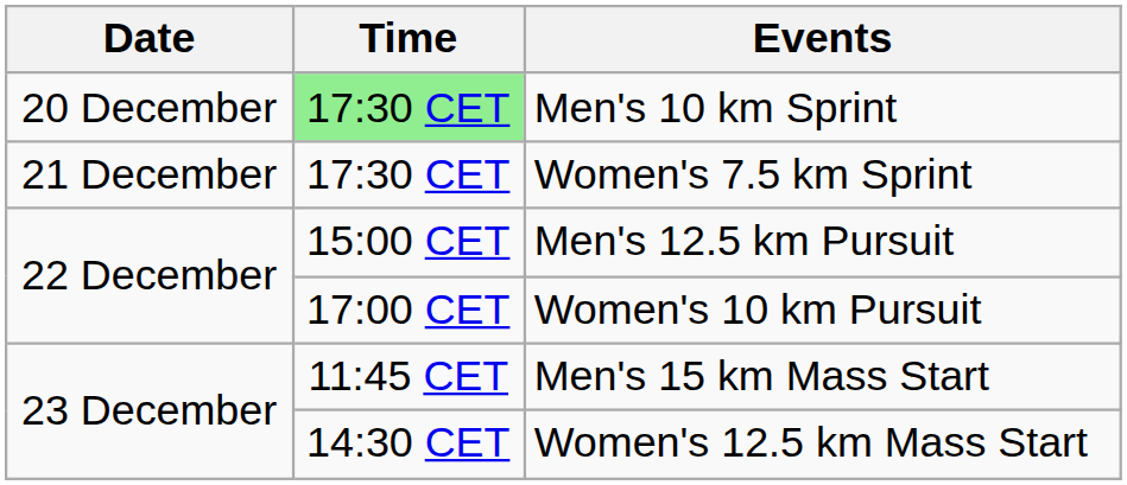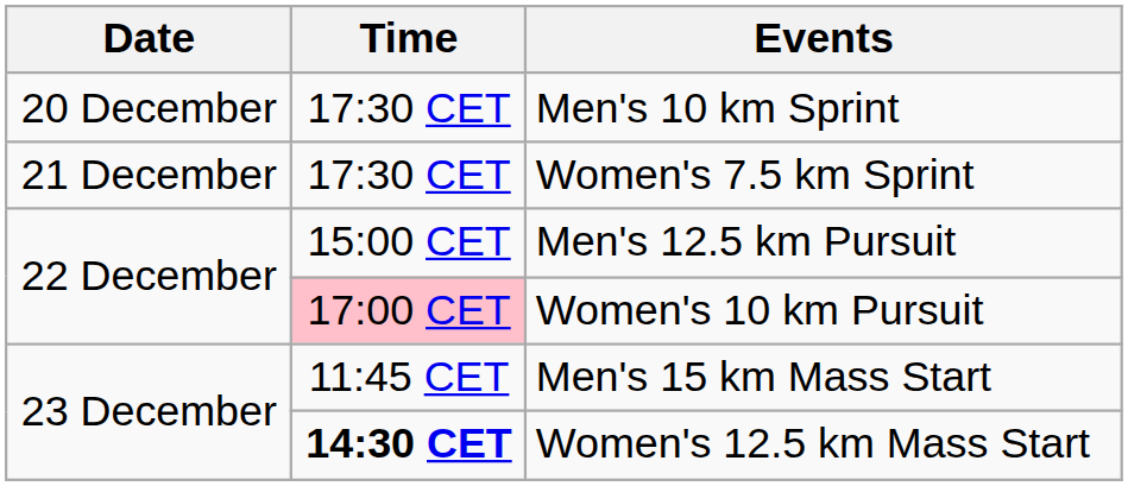 <table class="wikitable" style="text-align: center" width="420">
 <tr>
 <th>Date</th>
 <th>Time</th>
 <th>Events</th>
 </tr>
 <tr>
 <td>20 December</td>
-<td style="background: lightgreen;">17:30 <a href='#'>CET</a></td>
+<td>17:30 <a href='#'>CET</a></td>
 <td style="text-align: left">Men's 10 km Sprint</td>
 </tr>
 <tr>
 <td>21 December</td>
 <td>17:30 <a href='#'>CET</a></td>
 <td style="text-align: left">Women's 7.5 km Sprint</td>
 </tr>
 <tr>
 <td rowspan=2>22 December</td>
 <td>15:00 <a href='#'>CET</a></td>
 <td style="text-align: left">Men's 12.5 km Pursuit</td>
 </tr>
 <tr>
-<td>17:00 <a href='#'>CET</a></td>
+<td style="background: pink;">17:00 <a href='#'>CET</a></td>
 <td style="text-align: left">Women's 10 km Pursuit</td>
 </tr>
 <tr>
 <td rowspan=2>23 December</td>
 <td>11:45 <a href='#'>CET</a></td>
 <td style="text-align: left">Men's 15 km Mass Start</td>
 </tr>
 <tr>
-<td>14:30 <a href='#'>CET</a></td>
+<td><strong>14:30 <a href='#'>CET</a></strong></td>
 <td style="text-align: left">Women's 12.5 km Mass Start</td>
 </tr>
 </table>
